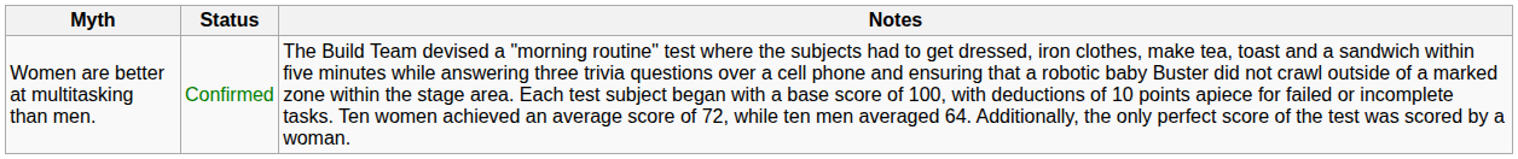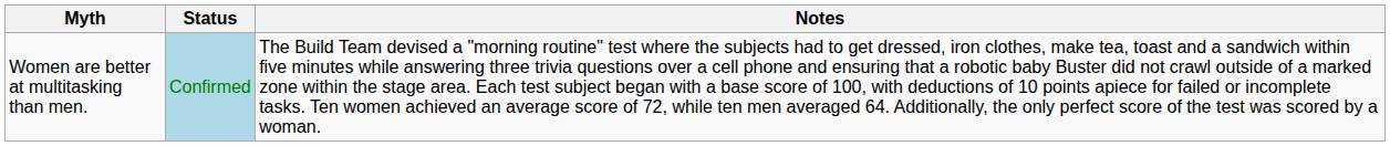 <table class="wikitable plainrowheaders">
 <tr>
 <th scope"col">Myth</th>
 <th scope"col">Status</th>
 <th scope"col">Notes</th>
 </tr>
 <tr>
 <td scope"row">Women are better at multitasking than men.</td>
-<td style="color:green">Confirmed</td>
+<td style="background: lightblue; color:green">Confirmed</td>
 <td>The Build Team devised a "morning routine" test where the subjects had to get dressed, iron clothes, make tea, toast and a sandwich within five minutes while answering three trivia questions over a cell phone and ensuring that a robotic baby Buster did not crawl outside of a marked zone within the stage area. Each test subject began with a base score of 100, with deductions of 10 points apiece for failed or incomplete tasks. Ten women achieved an average score of 72, while ten men averaged 64. Additionally, the only perfect score of the test was scored by a woman.</td>
 </tr>
 </table>
